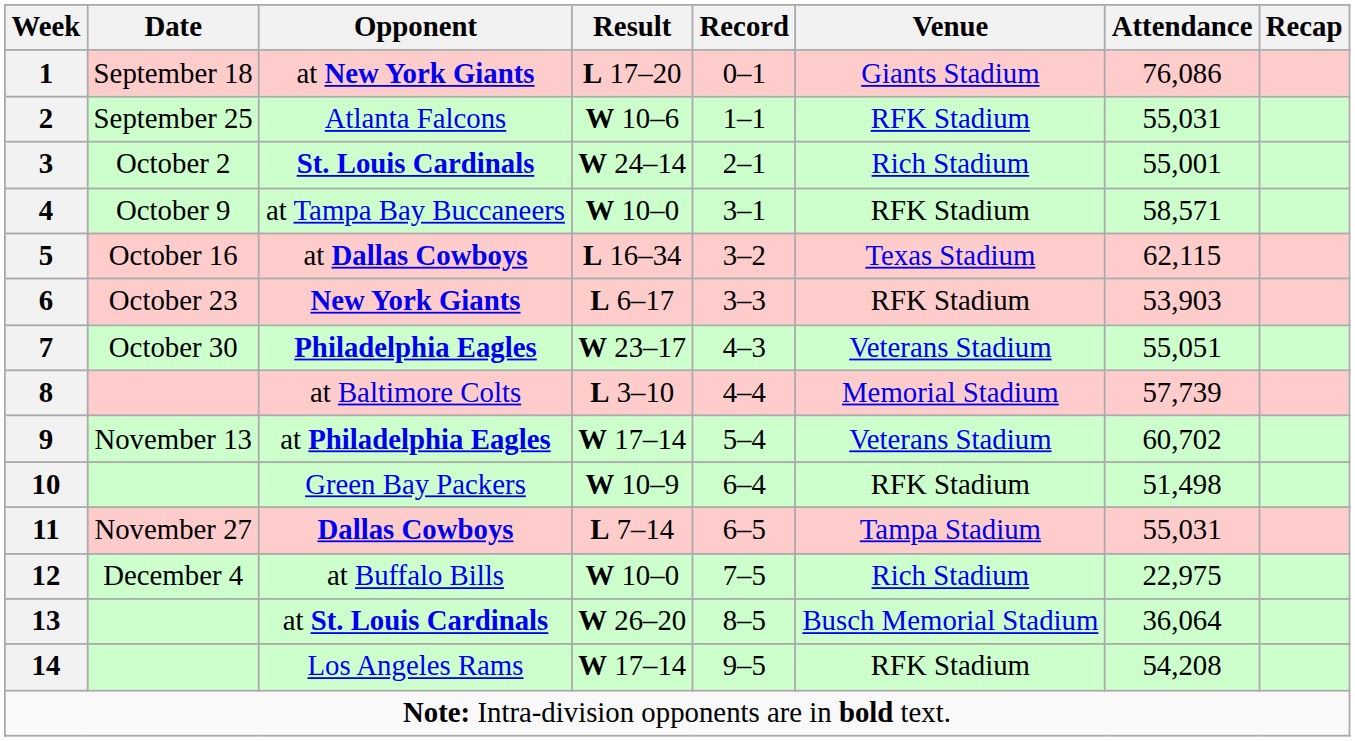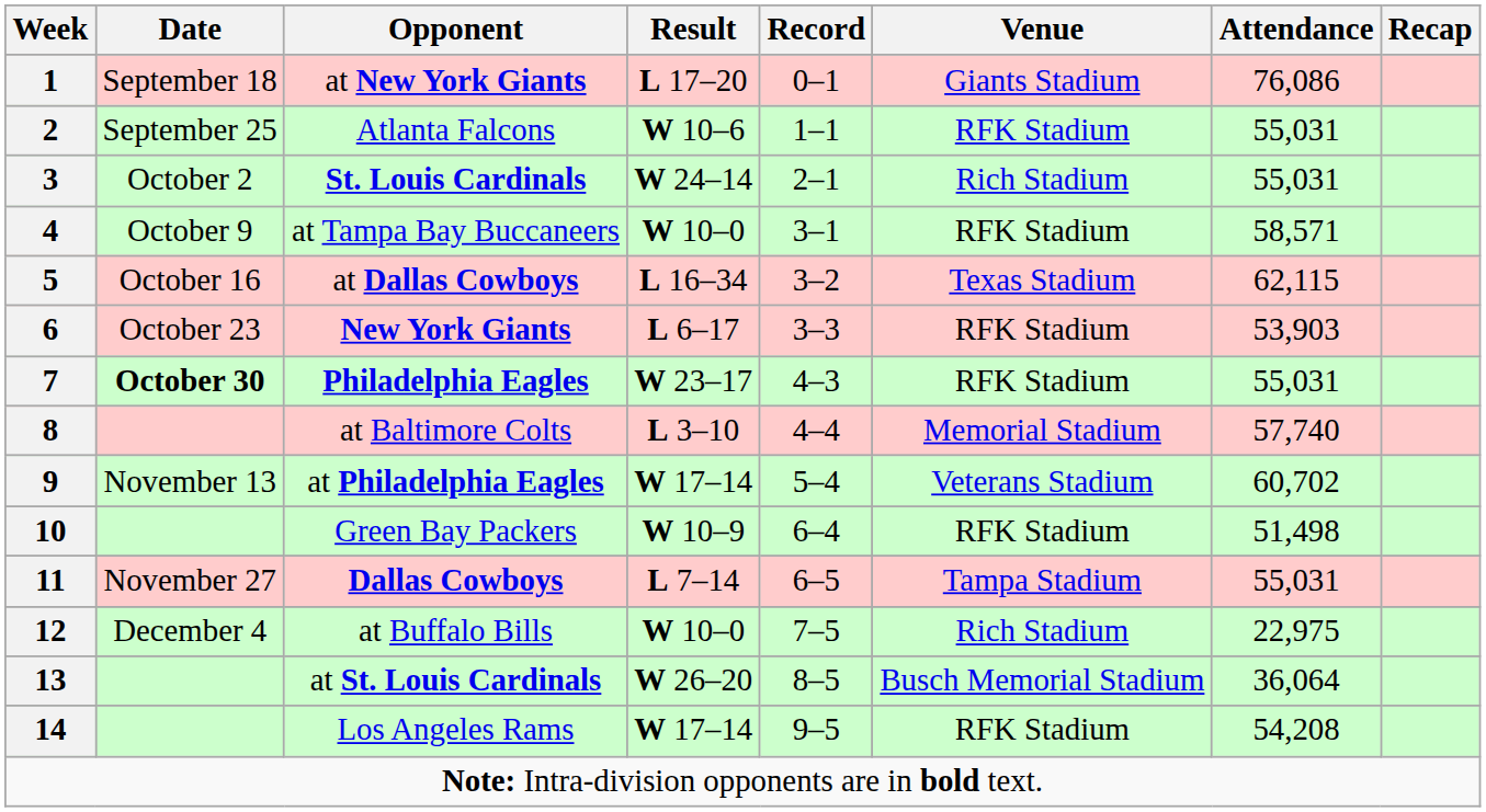 <table class="wikitable" style="text-align:center">
 <tr>
 <th>Week</th>
 <th>Date</th>
 <th>Opponent</th>
 <th>Result</th>
 <th>Record</th>
 <th>Venue</th>
 <th>Attendance</th>
 <th>Recap</th>
 </tr>
 <tr style="background:#fcc">
 <th>1</th>
 <td>September 18</td>
 <td>at <strong><a href='#'>New York Giants</a></strong></td>
 <td><strong>L</strong> 17–20</td>
 <td>0–1</td>
 <td><a href='#'>Giants Stadium</a></td>
 <td>76,086</td>
 <td></td>
 </tr>
 <tr style="background:#cfc">
 <th>2</th>
 <td>September 25</td>
 <td><a href='#'>Atlanta Falcons</a></td>
 <td><strong>W</strong> 10–6</td>
 <td>1–1</td>
 <td><a href='#'>RFK Stadium</a></td>
 <td>55,031</td>
 <td></td>
 </tr>
 <tr style="background:#cfc">
 <th>3</th>
 <td>October 2</td>
 <td><strong><a href='#'>St. Louis Cardinals</a></strong></td>
 <td><strong>W</strong> 24–14</td>
 <td>2–1</td>
 <td><a href='#'>Rich Stadium</a></td>
-<td>55,001</td>
+<td>55,031</td>
 <td></td>
 </tr>
 <tr style="background:#cfc">
 <th>4</th>
 <td>October 9</td>
 <td>at <a href='#'>Tampa Bay Buccaneers</a></td>
 <td><strong>W</strong> 10–0</td>
 <td>3–1</td>
 <td>RFK Stadium</td>
 <td>58,571</td>
 <td></td>
 </tr>
 <tr style="background:#fcc">
 <th>5</th>
 <td>October 16</td>
 <td>at <strong><a href='#'>Dallas Cowboys</a></strong></td>
 <td><strong>L</strong> 16–34</td>
 <td>3–2</td>
 <td><a href='#'>Texas Stadium</a></td>
 <td>62,115</td>
 <td></td>
 </tr>
 <tr style="background:#fcc">
 <th>6</th>
 <td>October 23</td>
 <td><strong><a href='#'>New York Giants</a></strong></td>
 <td><strong>L</strong> 6–17</td>
 <td>3–3</td>
 <td>RFK Stadium</td>
 <td>53,903</td>
 <td></td>
 </tr>
 <tr style="background:#cfc">
 <th>7</th>
-<td>October 30</td>
+<td><strong>October 30</strong></td>
 <td><strong><a href='#'>Philadelphia Eagles</a></strong></td>
 <td><strong>W</strong> 23–17</td>
 <td>4–3</td>
-<td><a href='#'>Veterans Stadium</a></td>
-<td>55,051</td>
+<td>RFK Stadium</td>
+<td>55,031</td>
 <td></td>
 </tr>
 <tr style="background:#fcc">
 <th>8</th>
 <td></td>
 <td>at <a href='#'>Baltimore Colts</a></td>
 <td><strong>L</strong> 3–10</td>
 <td>4–4</td>
 <td><a href='#'>Memorial Stadium</a></td>
-<td>57,739</td>
+<td>57,740</td>
 <td></td>
 </tr>
 <tr style="background:#cfc">
 <th>9</th>
 <td>November 13</td>
 <td>at <strong><a href='#'>Philadelphia Eagles</a></strong></td>
 <td><strong>W</strong> 17–14</td>
 <td>5–4</td>
 <td><a href='#'>Veterans Stadium</a></td>
 <td>60,702</td>
 <td></td>
 </tr>
 <tr style="background:#cfc">
 <th>10</th>
 <td></td>
 <td><a href='#'>Green Bay Packers</a></td>
 <td><strong>W</strong> 10–9</td>
 <td>6–4</td>
 <td>RFK Stadium</td>
 <td>51,498</td>
 <td></td>
 </tr>
 <tr style="background:#fcc">
 <th>11</th>
 <td>November 27</td>
 <td><strong><a href='#'>Dallas Cowboys</a></strong></td>
 <td><strong>L</strong> 7–14</td>
 <td>6–5</td>
 <td><a href='#'>Tampa Stadium</a></td>
 <td>55,031</td>
 <td></td>
 </tr>
 <tr style="background:#cfc">
 <th>12</th>
 <td>December 4</td>
 <td>at <a href='#'>Buffalo Bills</a></td>
 <td><strong>W</strong> 10–0</td>
 <td>7–5</td>
 <td><a href='#'>Rich Stadium</a></td>
 <td>22,975</td>
 <td></td>
 </tr>
 <tr style="background:#cfc">
 <th>13</th>
 <td></td>
 <td>at <strong><a href='#'>St. Louis Cardinals</a></strong></td>
 <td><strong>W</strong> 26–20</td>
 <td>8–5</td>
 <td><a href='#'>Busch Memorial Stadium</a></td>
 <td>36,064</td>
 <td></td>
 </tr>
 <tr style="background:#cfc">
 <th>14</th>
 <td></td>
 <td><a href='#'>Los Angeles Rams</a></td>
 <td><strong>W</strong> 17–14</td>
 <td>9–5</td>
 <td>RFK Stadium</td>
 <td>54,208</td>
 <td></td>
 </tr>
 <tr>
 <td colspan="8"><strong>Note:</strong> Intra-division opponents are in <strong>bold</strong> text.</td>
 </tr>
 </table>
